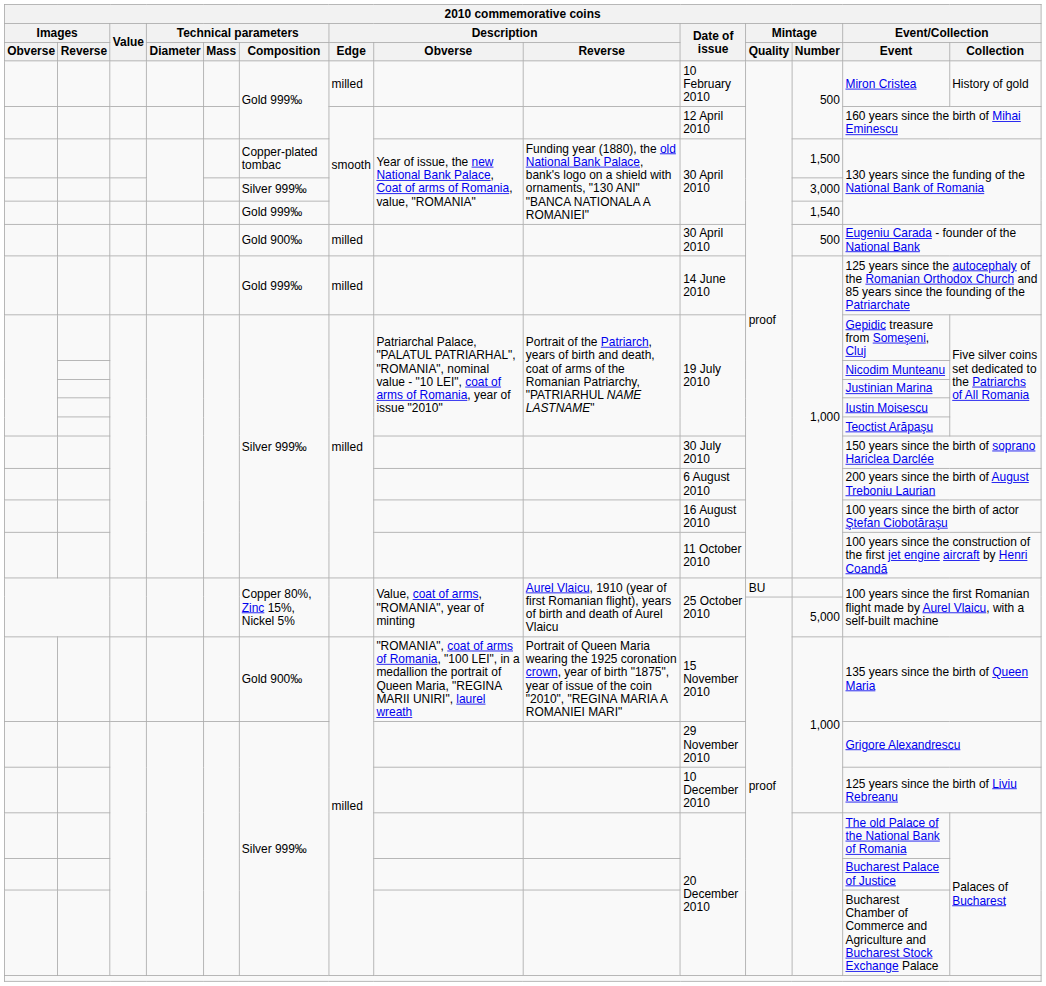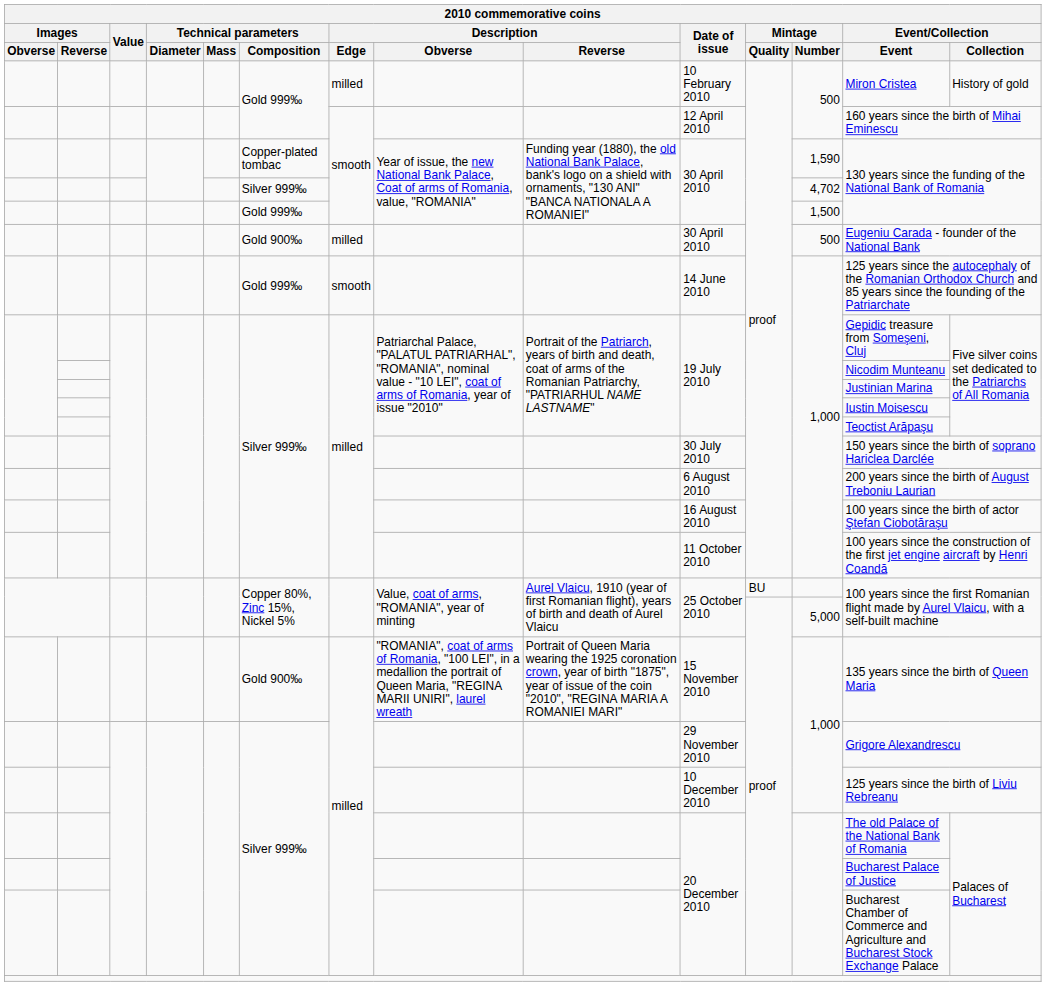 <table class="wikitable" style="font-size: 90%">
 <tr>
 <th colspan="14">2010 commemorative coins</th>
 </tr>
 <tr>
 <th colspan=2>Images</th>
 <th rowspan=2>Value</th>
 <th colspan=3>Technical parameters</th>
 <th colspan=3>Description</th>
 <th rowspan=2>Date of issue</th>
 <th colspan=2>Mintage</th>
 <th colspan=2>Event/Collection</th>
 </tr>
 <tr>
 <th>Obverse</th>
 <th>Reverse</th>
 <th>Diameter</th>
 <th>Mass</th>
 <th>Composition</th>
 <th>Edge</th>
 <th>Obverse</th>
 <th>Reverse</th>
 <th>Quality</th>
 <th>Number</th>
 <th>Event</th>
 <th>Collection</th>
 </tr>
 <tr>
 <td></td>
 <td></td>
 <td align = right></td>
 <td align = right></td>
 <td align = right></td>
 <td rowspan="2">Gold 999‰</td>
 <td>milled</td>
 <td></td>
 <td></td>
 <td>10 February 2010</td>
 <td rowspan="16">proof</td>
 <td rowspan="2" align="right">500</td>
 <td><a href='#'>Miron Cristea</a></td>
 <td>History of gold</td>
 </tr>
 <tr>
 <td></td>
 <td></td>
 <td align = right></td>
 <td align = right></td>
 <td align = right></td>
 <td rowspan="4">smooth</td>
 <td></td>
 <td></td>
 <td>12 April 2010</td>
 <td colspan=2>160 years since the birth of <a href='#'>Mihai Eminescu</a></td>
 </tr>
 <tr>
 <td></td>
 <td></td>
 <td align = right></td>
 <td align = right rowspan=2></td>
 <td align = right></td>
 <td>Copper-plated tombac</td>
 <td rowspan=3>Year of issue, the <a href='#'>new National Bank Palace</a>, <a href='#'>Coat of arms of Romania</a>, value, "ROMANIA"</td>
 <td rowspan=3>Funding year (1880), the <a href='#'>old National Bank Palace</a>, bank's logo on a shield with ornaments, "130 ANI" "BANCA NATIONALA A ROMANIEI"</td>
 <td rowspan=3>30 April 2010</td>
-<td align = right>1,500</td>
+<td align = right>1,590</td>
 <td rowspan=3 colspan=2>130 years since the funding of the <a href='#'>National Bank of Romania</a></td>
 </tr>
 <tr>
 <td></td>
 <td></td>
 <td align = right></td>
 <td align = right></td>
 <td>Silver 999‰</td>
-<td align = right>3,000</td>
+<td align = right>4,702</td>
 </tr>
 <tr>
 <td></td>
 <td></td>
 <td align = right></td>
 <td align = right></td>
 <td align = right></td>
 <td>Gold 999‰</td>
-<td align = right>1,540</td>
+<td align = right>1,500</td>
 </tr>
 <tr>
 <td></td>
 <td></td>
 <td align = right></td>
 <td align = right></td>
 <td align = right></td>
 <td>Gold 900‰</td>
 <td>milled</td>
 <td></td>
 <td></td>
 <td>30 April 2010</td>
 <td align = right>500</td>
 <td colspan=2><a href='#'>Eugeniu Carada</a> - founder of the <a href='#'>National Bank</a></td>
 </tr>
 <tr>
 <td></td>
 <td></td>
 <td align = right></td>
 <td align = right></td>
 <td align = right></td>
 <td>Gold 999‰</td>
-<td>milled</td>
+<td>smooth</td>
 <td></td>
 <td></td>
 <td>14 June 2010</td>
 <td rowspan="10" align="right">1,000</td>
 <td colspan=2>125 years since the <a href='#'>autocephaly</a> of the <a href='#'>Romanian Orthodox Church</a> and 85 years since the founding of the <a href='#'>Patriarchate</a></td>
 </tr>
 <tr>
 <td rowspan=5></td>
 <td></td>
 <td rowspan="9" align="right"></td>
 <td rowspan="9" align="right"></td>
 <td rowspan="9" align="right"></td>
 <td rowspan="9">Silver 999‰</td>
 <td rowspan="9">milled</td>
 <td rowspan=5>Patriarchal Palace, "PALATUL PATRIARHAL", "ROMANIA", nominal value - "10 LEI", <a href='#'>coat of arms of Romania</a>, year of issue "2010"</td>
 <td rowspan=5>Portrait of the <a href='#'>Patriarch</a>, years of birth and death, coat of arms of the Romanian Patriarchy, "PATRIARHUL <em>NAME LASTNAME</em>"</td>
 <td rowspan=5>19 July 2010</td>
 <td><a href='#'>Gepidic</a> treasure from <a href='#'>Someşeni</a>, <a href='#'>Cluj</a></td>
 <td rowspan=5>Five silver coins set dedicated to the <a href='#'>Patriarchs of All Romania</a></td>
 </tr>
 <tr>
 <td></td>
 <td><a href='#'>Nicodim Munteanu</a></td>
 </tr>
 <tr>
 <td></td>
 <td><a href='#'>Justinian Marina</a></td>
 </tr>
 <tr>
 <td></td>
 <td><a href='#'>Iustin Moisescu</a></td>
 </tr>
 <tr>
 <td></td>
 <td><a href='#'>Teoctist Arăpaşu</a></td>
 </tr>
 <tr>
 <td></td>
 <td></td>
 <td></td>
 <td></td>
 <td>30 July 2010</td>
 <td colspan=2>150 years since the birth of <a href='#'>soprano</a> <a href='#'>Hariclea Darclée</a></td>
 </tr>
 <tr>
 <td></td>
 <td></td>
 <td></td>
 <td></td>
 <td>6 August 2010</td>
 <td colspan=2>200 years since the birth of <a href='#'>August Treboniu Laurian</a></td>
 </tr>
 <tr>
 <td></td>
 <td></td>
 <td></td>
 <td></td>
 <td>16 August 2010</td>
 <td colspan=2>100 years since the birth of actor <a href='#'>Ştefan Ciobotăraşu</a></td>
 </tr>
 <tr>
 <td></td>
 <td></td>
 <td></td>
 <td></td>
 <td>11 October 2010</td>
 <td colspan=2>100 years since the construction of the first <a href='#'>jet engine</a> <a href='#'>aircraft</a> by <a href='#'>Henri Coandă</a></td>
 </tr>
 <tr>
 <td rowspan=2 colspan=2></td>
 <td align = right rowspan=2></td>
 <td align = right rowspan=2></td>
 <td align = right rowspan=2></td>
 <td rowspan=2>Copper 80%, <a href='#'>Zinc</a> 15%, Nickel 5%</td>
 <td rowspan=2><em> </em></td>
 <td rowspan=2>Value, <a href='#'>coat of arms</a>, "ROMANIA", year of minting</td>
 <td rowspan=2><a href='#'>Aurel Vlaicu</a>, 1910 (year of first Romanian flight), years of birth and death of Aurel Vlaicu</td>
 <td rowspan=2>25 October 2010</td>
 <td>BU</td>
 <td align = right></td>
 <td rowspan=2 colspan=2>100 years since the first Romanian flight made by <a href='#'>Aurel Vlaicu</a>, with a self-built machine</td>
 </tr>
 <tr>
 <td rowspan="7">proof</td>
 <td align = right>5,000</td>
 </tr>
 <tr>
 <td></td>
 <td></td>
 <td align = right></td>
 <td align = right></td>
 <td align = right></td>
 <td>Gold 900‰</td>
 <td rowspan="6">milled</td>
 <td>"ROMANIA", <a href='#'>coat of arms of Romania</a>, "100 LEI", in a medallion the portrait of Queen Maria, "REGINA MARII UNIRI", <a href='#'>laurel wreath</a></td>
 <td>Portrait of Queen Maria wearing the 1925 coronation <a href='#'>crown</a>, year of birth "1875", year of issue of the coin "2010", "REGINA MARIA A ROMANIEI MARI"</td>
 <td>15 November 2010</td>
 <td rowspan="3" align="right">1,000</td>
 <td colspan=2>135 years since the birth of <a href='#'>Queen Maria</a></td>
 </tr>
 <tr>
 <td></td>
 <td></td>
 <td rowspan="5" align="right"></td>
 <td rowspan="5" align="right"></td>
 <td rowspan="5" align="right"></td>
 <td rowspan="5">Silver 999‰</td>
 <td></td>
 <td></td>
 <td>29 November 2010</td>
 <td colspan=2><a href='#'>Grigore Alexandrescu</a></td>
 </tr>
 <tr>
 <td></td>
 <td></td>
 <td></td>
 <td></td>
 <td>10 December 2010</td>
 <td colspan=2>125 years since the birth of <a href='#'>Liviu Rebreanu</a></td>
 </tr>
 <tr>
 <td></td>
 <td></td>
 <td></td>
 <td></td>
 <td rowspan = 3>20 December 2010</td>
 <td rowspan = 3 align = right></td>
 <td><a href='#'>The old Palace of</a> <a href='#'>the National Bank of Romania</a></td>
 <td rowspan = 3>Palaces of <a href='#'>Bucharest</a></td>
 </tr>
 <tr>
 <td></td>
 <td></td>
 <td></td>
 <td></td>
 <td><a href='#'>Bucharest Palace of Justice</a></td>
 </tr>
 <tr>
 <td></td>
 <td></td>
 <td></td>
 <td></td>
 <td>Bucharest Chamber of Commerce and Agriculture and <a href='#'>Bucharest Stock Exchange</a> Palace</td>
 </tr>
 <tr>
 <td colspan="14"></td>
 </tr>
 </table>
